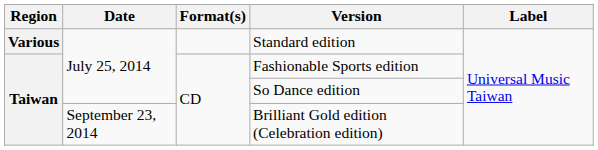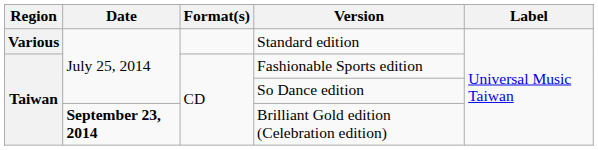 <table class="wikitable plainrowheaders">
 <tr>
 <th>Region</th>
 <th>Date</th>
 <th>Format(s)</th>
 <th>Version</th>
 <th>Label</th>
 </tr>
 <tr>
 <th scope="row">Various</th>
 <td rowspan="3">July 25, 2014</td>
 <td></td>
 <td>Standard edition</td>
 <td rowspan="4"><a href='#'>Universal Music Taiwan</a></td>
 </tr>
 <tr>
 <th scope="row" rowspan="3">Taiwan</th>
 <td rowspan="3">CD</td>
 <td>Fashionable Sports edition</td>
 </tr>
 <tr>
 <td>So Dance edition</td>
 </tr>
 <tr>
-<td>September 23, 2014</td>
+<td><strong>September 23, 2014</strong></td>
 <td>Brilliant Gold edition (Celebration edition)</td>
 </tr>
 </table>
